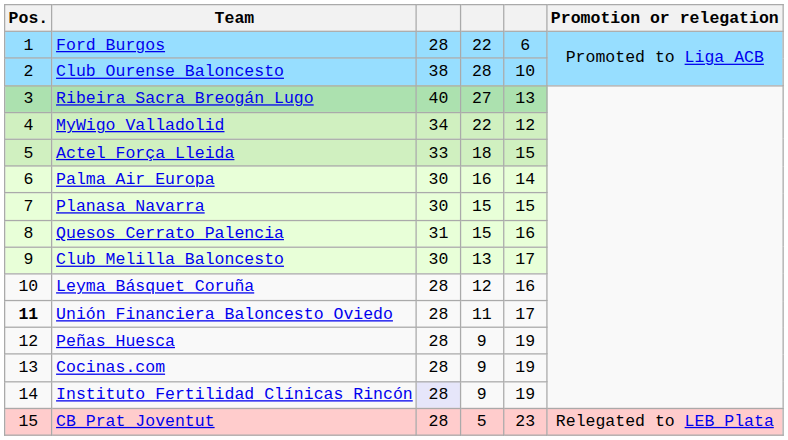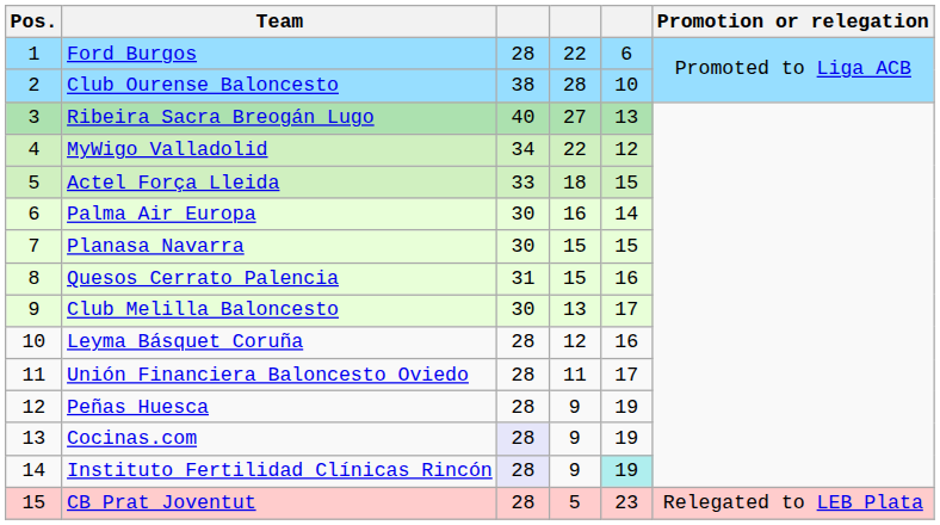 <table class="wikitable" style="text-align: center">
 <tr>
 <th width=28>Pos.</th>
 <th>Team</th>
 <th width=28></th>
 <th width=28></th>
 <th width=28></th>
 <th>Promotion or relegation</th>
 </tr>
 <tr bgcolor=#97DEFF>
 <td>1</td>
 <td align="left"><a href='#'>Ford Burgos</a></td>
 <td>28</td>
 <td>22</td>
 <td>6</td>
 <td rowspan=2>Promoted to <a href='#'>Liga ACB</a></td>
 </tr>
 <tr bgcolor=#97DEFF>
 <td>2</td>
 <td align="left"><a href='#'>Club Ourense Baloncesto</a></td>
 <td>38</td>
 <td>28</td>
 <td>10</td>
 </tr>
 <tr bgcolor=#ACE1AF>
 <td>3</td>
 <td align="left"><a href='#'>Ribeira Sacra Breogán Lugo</a></td>
 <td>40</td>
 <td>27</td>
 <td>13</td>
 </tr>
 <tr bgcolor=#D0F0C0>
 <td>4</td>
 <td align="left"><a href='#'>MyWigo Valladolid</a></td>
 <td>34</td>
 <td>22</td>
 <td>12</td>
 </tr>
 <tr bgcolor=#D0F0C0>
 <td>5</td>
 <td align="left"><a href='#'>Actel Força Lleida</a></td>
 <td>33</td>
 <td>18</td>
 <td>15</td>
 </tr>
 <tr bgcolor=#E8FFD8>
 <td>6</td>
 <td align="left"><a href='#'>Palma Air Europa</a></td>
 <td>30</td>
 <td>16</td>
 <td>14</td>
 </tr>
 <tr bgcolor=#E8FFD8>
 <td>7</td>
 <td align="left"><a href='#'>Planasa Navarra</a></td>
 <td>30</td>
 <td>15</td>
 <td>15</td>
 </tr>
 <tr bgcolor=#E8FFD8>
 <td>8</td>
 <td align="left"><a href='#'>Quesos Cerrato Palencia</a></td>
 <td>31</td>
 <td>15</td>
 <td>16</td>
 </tr>
 <tr bgcolor=#E8FFD8>
 <td>9</td>
 <td align="left"><a href='#'>Club Melilla Baloncesto</a></td>
 <td>30</td>
 <td>13</td>
 <td>17</td>
 </tr>
 <tr>
 <td>10</td>
 <td align="left"><a href='#'>Leyma Básquet Coruña</a></td>
 <td>28</td>
 <td>12</td>
 <td>16</td>
 </tr>
 <tr>
-<td><strong>11</strong></td>
+<td>11</td>
 <td align="left"><a href='#'>Unión Financiera Baloncesto Oviedo</a></td>
 <td>28</td>
 <td>11</td>
 <td>17</td>
 </tr>
 <tr>
 <td>12</td>
 <td align="left"><a href='#'>Peñas Huesca</a></td>
 <td>28</td>
 <td>9</td>
 <td>19</td>
 </tr>
 <tr>
 <td>13</td>
 <td align="left"><a href='#'>Cocinas.com</a></td>
-<td>28</td>
+<td style="background: lavender;">28</td>
 <td>9</td>
 <td>19</td>
 </tr>
 <tr>
 <td>14</td>
 <td align="left"><a href='#'>Instituto Fertilidad Clínicas Rincón</a></td>
 <td style="background: lavender;">28</td>
 <td>9</td>
-<td>19</td>
+<td style="background: paleturquoise;">19</td>
 </tr>
 <tr bgcolor=#FFCCCC>
 <td>15</td>
 <td align="left"><a href='#'>CB Prat Joventut</a></td>
 <td>28</td>
 <td>5</td>
 <td>23</td>
 <td>Relegated to <a href='#'>LEB Plata</a></td>
 </tr>
 </table>
